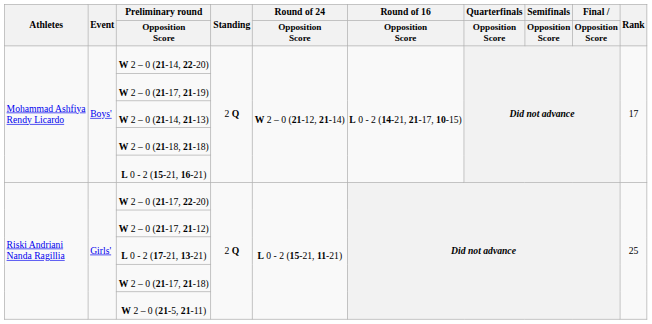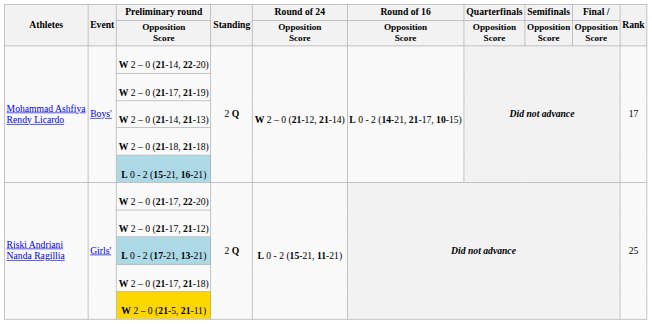 <table class=wikitable style="font-size:90%">
 <tr>
 <th rowspan="2">Athletes</th>
 <th rowspan="2">Event</th>
 <th>Preliminary round</th>
 <th rowspan="2">Standing</th>
 <th>Round of 24</th>
 <th>Round of 16</th>
 <th>Quarterfinals</th>
 <th>Semifinals</th>
 <th>Final / </th>
 <th rowspan=2>Rank</th>
 </tr>
 <tr style="font-size:95%">
 <th>Opposition<br>Score</th>
 <th>Opposition<br>Score</th>
 <th>Opposition<br>Score</th>
 <th>Opposition<br>Score</th>
 <th>Opposition<br>Score</th>
 <th>Opposition<br>Score</th>
 </tr>
 <tr align=center>
 <td align=left rowspan=5><a href='#'>Mohammad Ashfiya</a><br><a href='#'>Rendy Licardo</a></td>
 <td align=left rowspan=5><a href='#'>Boys'</a></td>
 <td><small></small><br> <strong>W</strong> 2 – 0 (<strong>21</strong>-14, <strong>22</strong>-20)</td>
 <td rowspan=5>2 <strong>Q</strong></td>
 <td rowspan=5> <br> <strong>W</strong> 2 – 0 (<strong>21</strong>-12, <strong>21</strong>-14)</td>
 <td rowspan=5> <br><strong>L</strong> 0 - 2 (<strong>14</strong>-21, <strong>21</strong>-17, <strong>10</strong>-15)</td>
 <th colspan=3 rowspan=5><em>Did not advance</em></th>
 <td rowspan=5>17</td>
 </tr>
 <tr align=center>
 <td><small></small><br> <strong>W</strong> 2 – 0 (<strong>21</strong>-17, <strong>21</strong>-19)</td>
 </tr>
 <tr align=center>
 <td><small></small><br> <strong>W</strong> 2 – 0 (<strong>21</strong>-14, <strong>21</strong>-13)</td>
 </tr>
 <tr align=center>
 <td><small></small><br> <strong>W</strong> 2 – 0 (<strong>21</strong>-18, <strong>21</strong>-18)</td>
 </tr>
 <tr align=center>
-<td><small></small><br><strong>L</strong> 0 - 2 (<strong>15</strong>-21, <strong>16</strong>-21)</td>
+<td style="background: lightblue;"><small></small><br><strong>L</strong> 0 - 2 (<strong>15</strong>-21, <strong>16</strong>-21)</td>
 </tr>
 <tr align=center>
 <td align=left rowspan=5><a href='#'>Riski Andriani</a><br><a href='#'>Nanda Ragillia</a></td>
 <td align=left rowspan=5><a href='#'>Girls'</a></td>
 <td><br> <strong>W</strong> 2 – 0 (<strong>21</strong>-17, <strong>22</strong>-20)</td>
 <td rowspan=5>2 <strong>Q</strong></td>
 <td rowspan=5><br><strong>L</strong> 0 - 2 (<strong>15</strong>-21, <strong>11</strong>-21)</td>
 <th colspan=4 rowspan=5><em>Did not advance</em></th>
 <td rowspan=5>25</td>
 </tr>
 <tr align=center>
 <td><br> <strong>W</strong> 2 – 0 (<strong>21</strong>-17, <strong>21</strong>-12)</td>
 </tr>
 <tr align=center>
-<td><br> <strong>L</strong> 0 - 2 (<strong>17</strong>-21, <strong>13</strong>-21)</td>
+<td style="background: lightblue;"><br> <strong>L</strong> 0 - 2 (<strong>17</strong>-21, <strong>13</strong>-21)</td>
 </tr>
 <tr align=center>
 <td><br> <strong>W</strong> 2 – 0 (<strong>21</strong>-17, <strong>21</strong>-18)</td>
 </tr>
 <tr align=center>
-<td><small></small><br> <strong>W</strong> 2 – 0 (<strong>21</strong>-5, <strong>21</strong>-11)</td>
+<td style="background: gold;"><small></small><br> <strong>W</strong> 2 – 0 (<strong>21</strong>-5, <strong>21</strong>-11)</td>
 </tr>
 </table>
